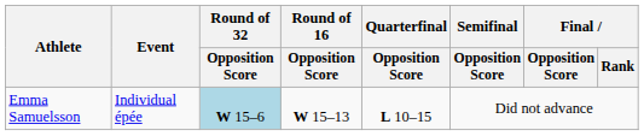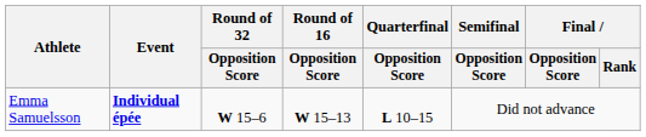 <table class="wikitable" style="font-size:90%">
 <tr>
 <th rowspan="2">Athlete</th>
 <th rowspan="2">Event</th>
 <th>Round of 32</th>
 <th>Round of 16</th>
 <th>Quarterfinal</th>
 <th>Semifinal</th>
 <th colspan=2>Final / </th>
 </tr>
 <tr style="font-size:95%">
 <th>Opposition <br> Score</th>
 <th>Opposition <br> Score</th>
 <th>Opposition <br> Score</th>
 <th>Opposition <br> Score</th>
 <th>Opposition <br> Score</th>
 <th>Rank</th>
 </tr>
 <tr align=center>
 <td align=left><a href='#'>Emma Samuelsson</a></td>
-<td align=left><a href='#'>Individual épée</a></td>
-<td style="background: lightblue;"><br><strong>W</strong> 15–6</td>
+<td align=left><strong><a href='#'>Individual épée</a></strong></td>
+<td><br><strong>W</strong> 15–6</td>
 <td><br><strong>W</strong> 15–13</td>
 <td><br><strong>L</strong> 10–15</td>
 <td colspan=3>Did not advance</td>
 </tr>
 </table>
